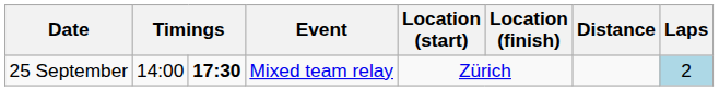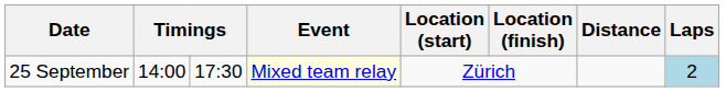 <table class="wikitable" style="text-align: center">
 <tr>
 <th>Date</th>
 <th colspan=2>Timings</th>
 <th>Event</th>
 <th>Location<br>(start)</th>
 <th>Location<br>(finish)</th>
 <th>Distance</th>
 <th>Laps</th>
 </tr>
 <tr>
 <td>25 September</td>
 <td>14:00</td>
-<td><strong>17:30</strong></td>
-<td><a href='#'>Mixed team relay</a></td>
+<td>17:30</td>
+<td style="background: lightyellow;"><a href='#'>Mixed team relay</a></td>
 <td colspan=2><a href='#'>Zürich</a></td>
 <td></td>
 <td style="background: lightblue;">2</td>
 </tr>
 </table>
